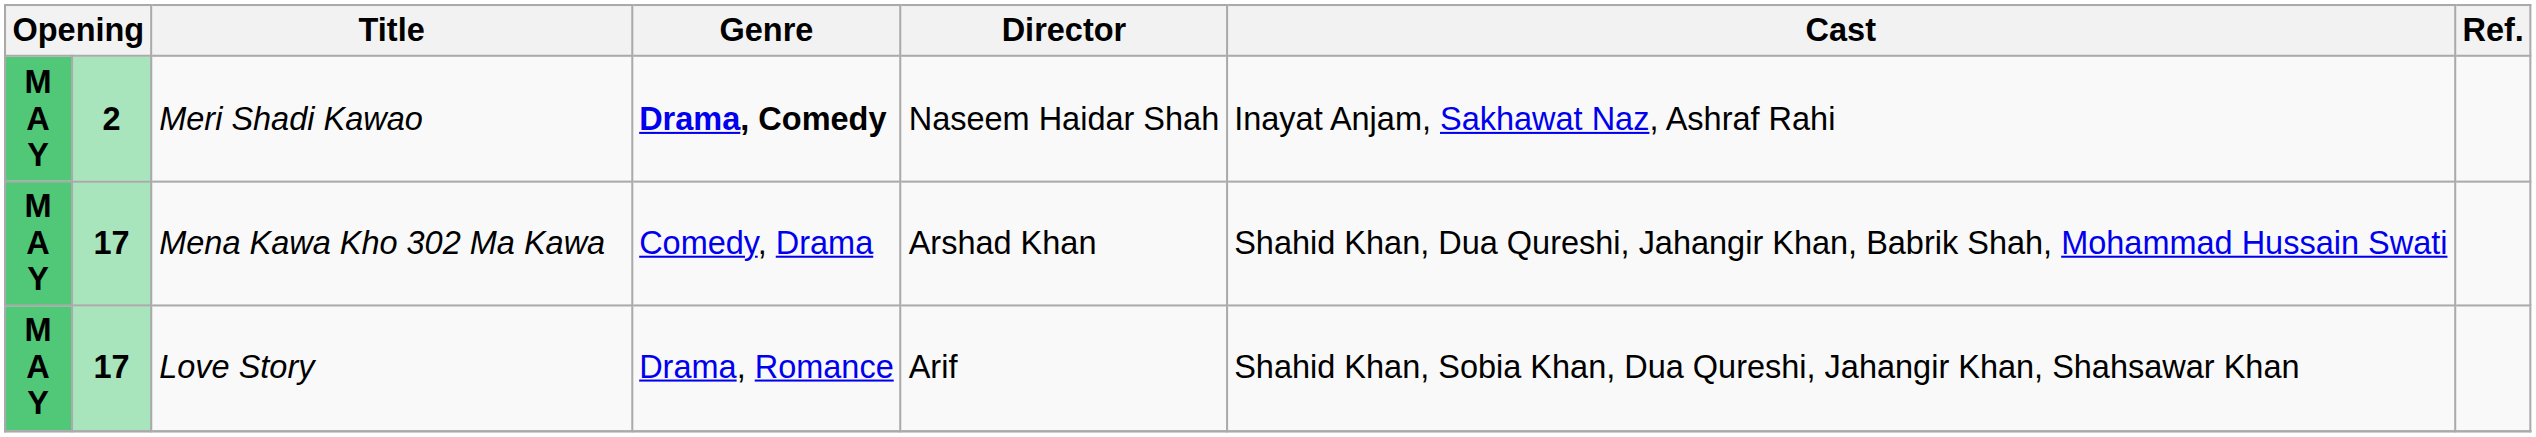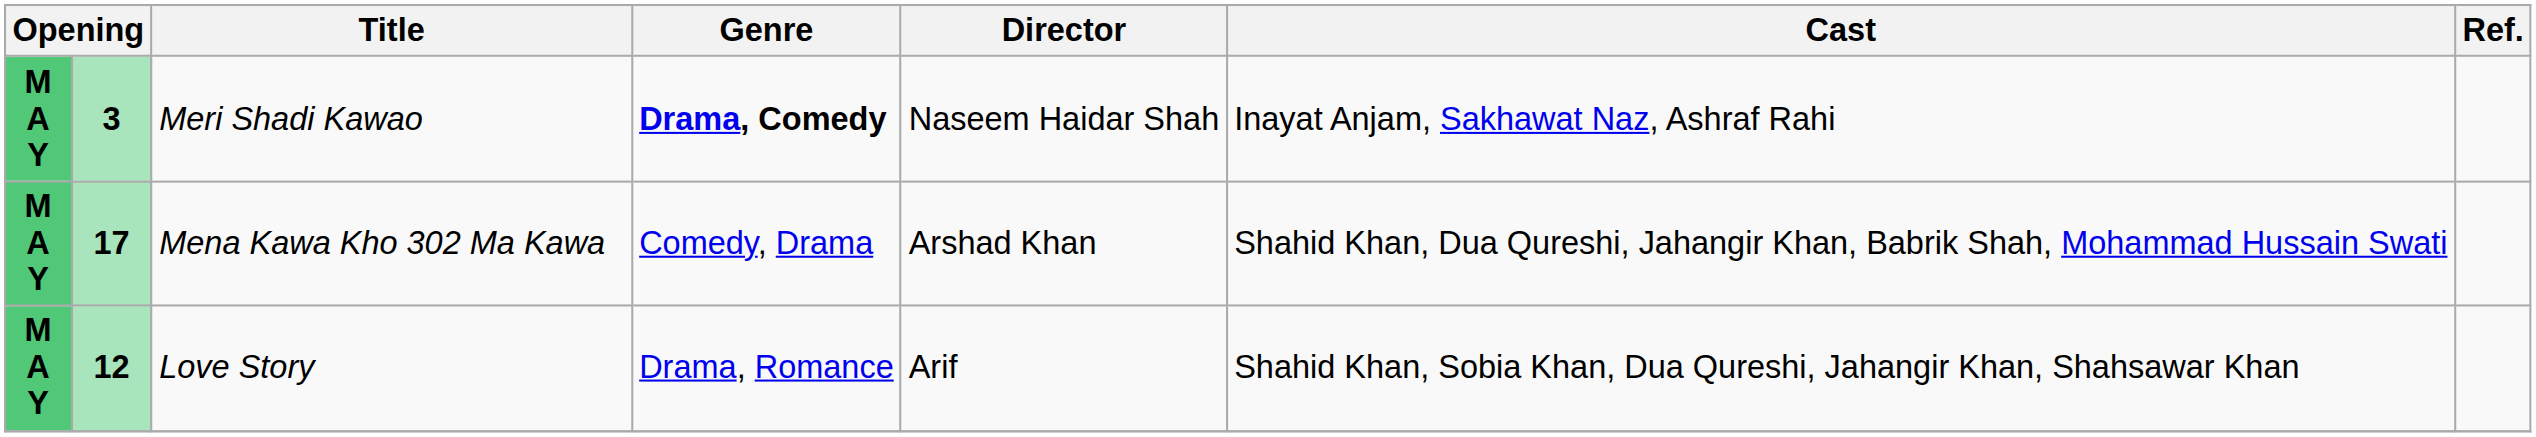 <table class="wikitable">
 <tr style="background:#b0e0e66; text-align:center;">
 <th colspan="2"><strong>Opening</strong></th>
 <th style="width:19%;"><strong>Title</strong></th>
 <th><strong>Genre</strong></th>
 <th><strong>Director</strong></th>
 <th><strong>Cast</strong></th>
 <th><strong>Ref.</strong></th>
 </tr>
 <tr>
 <td rowspan="1" style="text-align:center; background:#50c878;"><strong>M<br>A<br>Y</strong></td>
-<td rowspan="1" style="text-align:center; textcolor:#000; background:#a8e4bc;"><strong>2</strong></td>
+<td rowspan="1" style="text-align:center; textcolor:#000; background:#a8e4bc;"><strong>3</strong></td>
 <td><em>Meri Shadi Kawao</em></td>
 <td><strong><a href='#'>Drama</a>, Comedy</strong></td>
 <td>Naseem Haidar Shah</td>
 <td>Inayat Anjam, <a href='#'>Sakhawat Naz</a>, Ashraf Rahi</td>
 <td></td>
 </tr>
 <tr>
 <td rowspan="1" style="text-align:center; background:#50c878;"><strong>M<br>A<br>Y</strong></td>
 <td rowspan="1" style="text-align:center; textcolor:#000; background:#a8e4bc;"><strong>17</strong></td>
 <td><em>Mena Kawa Kho 302 Ma Kawa</em></td>
 <td><a href='#'>Comedy</a>, <a href='#'>Drama</a></td>
 <td>Arshad Khan</td>
 <td>Shahid Khan, Dua Qureshi, Jahangir Khan, Babrik Shah, <a href='#'>Mohammad Hussain Swati</a></td>
 <td></td>
 </tr>
 <tr>
 <td rowspan="1" style="text-align:center; background:#50c878;"><strong>M<br>A<br>Y</strong></td>
-<td rowspan="1" style="text-align:center; textcolor:#000; background:#a8e4bc;"><strong>17</strong></td>
+<td rowspan="1" style="text-align:center; textcolor:#000; background:#a8e4bc;"><strong>12</strong></td>
 <td><em>Love Story</em></td>
 <td><a href='#'>Drama</a>, <a href='#'>Romance</a></td>
 <td>Arif</td>
 <td>Shahid Khan, Sobia Khan, Dua Qureshi, Jahangir Khan, Shahsawar Khan</td>
 <td></td>
 </tr>
 <tr>
 </tr>
 </table>
